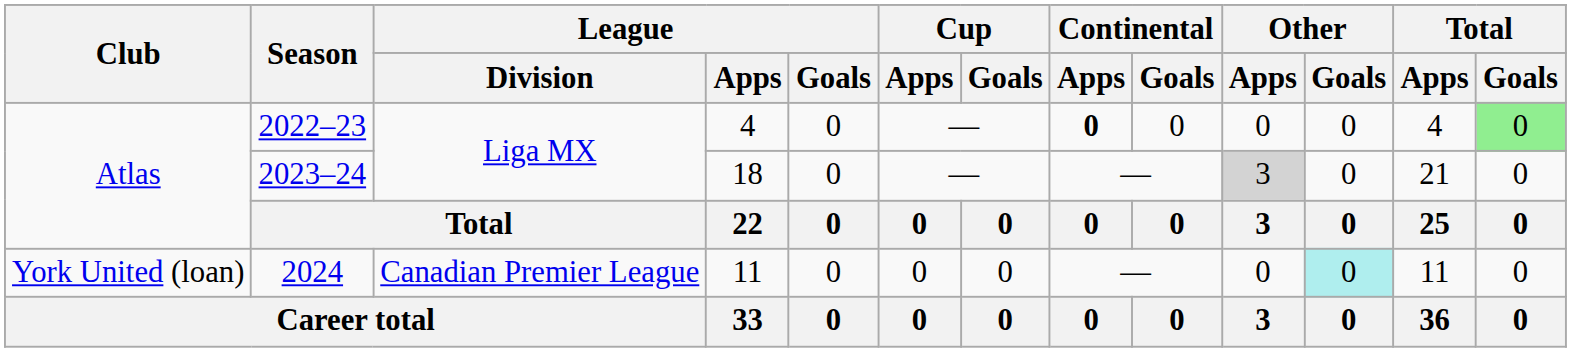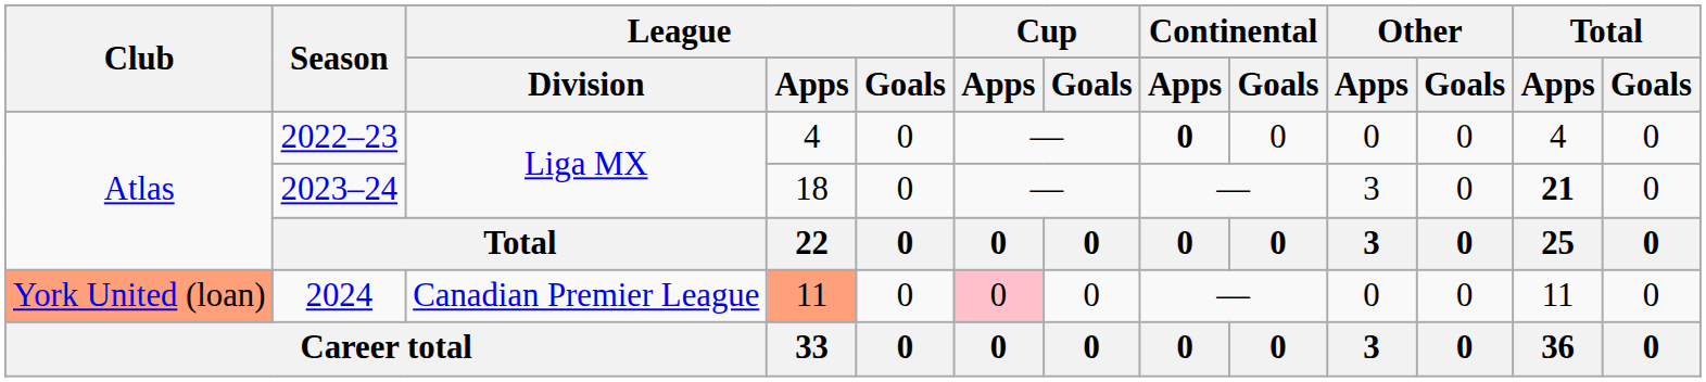 <table class="wikitable" style="text-align: center">
 <tr>
 <th rowspan="2">Club</th>
 <th rowspan="2">Season</th>
 <th colspan="3">League</th>
 <th colspan="2">Cup</th>
 <th colspan="2">Continental</th>
 <th colspan="2">Other</th>
 <th colspan="2">Total</th>
 </tr>
 <tr>
 <th>Division</th>
 <th>Apps</th>
 <th>Goals</th>
 <th>Apps</th>
 <th>Goals</th>
 <th>Apps</th>
 <th>Goals</th>
 <th>Apps</th>
 <th>Goals</th>
 <th>Apps</th>
 <th>Goals</th>
 </tr>
 <tr>
 <td rowspan="3"><a href='#'>Atlas</a></td>
 <td><a href='#'>2022–23</a></td>
 <td rowspan="2"><a href='#'>Liga MX</a></td>
 <td>4</td>
 <td>0</td>
 <td colspan="2">—</td>
 <td><strong>0</strong></td>
 <td>0</td>
 <td>0</td>
 <td>0</td>
 <td>4</td>
-<td style="background: lightgreen;">0</td>
+<td>0</td>
 </tr>
 <tr>
 <td><a href='#'>2023–24</a></td>
 <td>18</td>
 <td>0</td>
 <td colspan=2>—</td>
 <td colspan="2">—</td>
-<td style="background: lightgrey;">3</td>
+<td>3</td>
 <td>0</td>
-<td>21</td>
+<td><strong>21</strong></td>
 <td>0</td>
 </tr>
 <tr>
 <th colspan="2">Total</th>
 <th>22</th>
 <th>0</th>
 <th>0</th>
 <th>0</th>
 <th>0</th>
 <th>0</th>
 <th>3</th>
 <th>0</th>
 <th>25</th>
 <th>0</th>
 </tr>
 <tr>
-<td><a href='#'>York United</a> (loan)</td>
+<td style="background: lightsalmon;"><a href='#'>York United</a> (loan)</td>
 <td><a href='#'>2024</a></td>
 <td><a href='#'>Canadian Premier League</a></td>
-<td>11</td>
+<td style="background: lightsalmon;">11</td>
 <td>0</td>
-<td>0</td>
+<td style="background: pink;">0</td>
 <td>0</td>
 <td colspan="2">—</td>
 <td>0</td>
-<td style="background: paleturquoise;">0</td>
+<td>0</td>
 <td>11</td>
 <td>0</td>
 </tr>
 <tr>
 <th colspan="3">Career total</th>
 <th>33</th>
 <th>0</th>
 <th>0</th>
 <th>0</th>
 <th>0</th>
 <th>0</th>
 <th>3</th>
 <th>0</th>
 <th>36</th>
 <th>0</th>
 </tr>
 </table>
